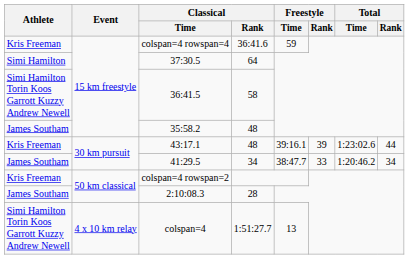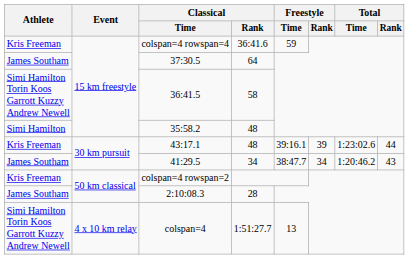 <table class=wikitable style=font-size:90%;text-align:center>
 <tr>
 <th rowspan=2>Athlete</th>
 <th rowspan=2>Event</th>
 <th colspan=2>Classical</th>
 <th colspan=2>Freestyle</th>
 <th colspan=2>Total</th>
 </tr>
 <tr style=font-size:95%>
 <th>Time</th>
 <th>Rank</th>
 <th>Time</th>
 <th>Rank</th>
 <th>Time</th>
 <th>Rank</th>
 </tr>
 <tr>
 <td align=left><a href='#'>Kris Freeman</a></td>
 <td align=left rowspan=4><a href='#'>15 km freestyle</a></td>
 <td>colspan=4 rowspan=4 </td>
 <td>36:41.6</td>
 <td>59</td>
 </tr>
 <tr>
-<td align=left><a href='#'>Simi Hamilton</a></td>
+<td align=left><a href='#'>James Southam</a></td>
 <td>37:30.5</td>
 <td>64</td>
 </tr>
 <tr>
 <td align=left><a href='#'>Simi Hamilton</a><br><a href='#'>Torin Koos</a><br><a href='#'>Garrott Kuzzy</a><br><a href='#'>Andrew Newell</a></td>
 <td>36:41.5</td>
 <td>58</td>
 </tr>
 <tr>
-<td align=left><a href='#'>James Southam</a></td>
+<td align=left><a href='#'>Simi Hamilton</a></td>
 <td>35:58.2</td>
 <td>48</td>
 </tr>
 <tr>
 <td align=left><a href='#'>Kris Freeman</a></td>
 <td align=left rowspan=2><a href='#'>30 km pursuit</a></td>
 <td>43:17.1</td>
 <td>48</td>
 <td>39:16.1</td>
 <td>39</td>
 <td>1:23:02.6</td>
 <td>44</td>
 </tr>
 <tr>
 <td align=left><a href='#'>James Southam</a></td>
 <td>41:29.5</td>
 <td>34</td>
 <td>38:47.7</td>
-<td>33</td>
+<td>34</td>
 <td>1:20:46.2</td>
-<td>34</td>
+<td>43</td>
 </tr>
 <tr>
 <td align=left><a href='#'>Kris Freeman</a></td>
 <td align=left rowspan=2><a href='#'>50 km classical</a></td>
 <td>colspan=4 rowspan=2 </td>
 <td colspan=2></td>
 </tr>
 <tr>
 <td align=left><a href='#'>James Southam</a></td>
 <td>2:10:08.3</td>
 <td>28</td>
 </tr>
 <tr>
 <td align=left><a href='#'>Simi Hamilton</a><br><a href='#'>Torin Koos</a><br><a href='#'>Garrott Kuzzy</a><br><a href='#'>Andrew Newell</a></td>
 <td align=left><a href='#'>4 x 10 km relay</a></td>
 <td>colspan=4 </td>
 <td>1:51:27.7</td>
 <td>13</td>
 </tr>
 </table>
